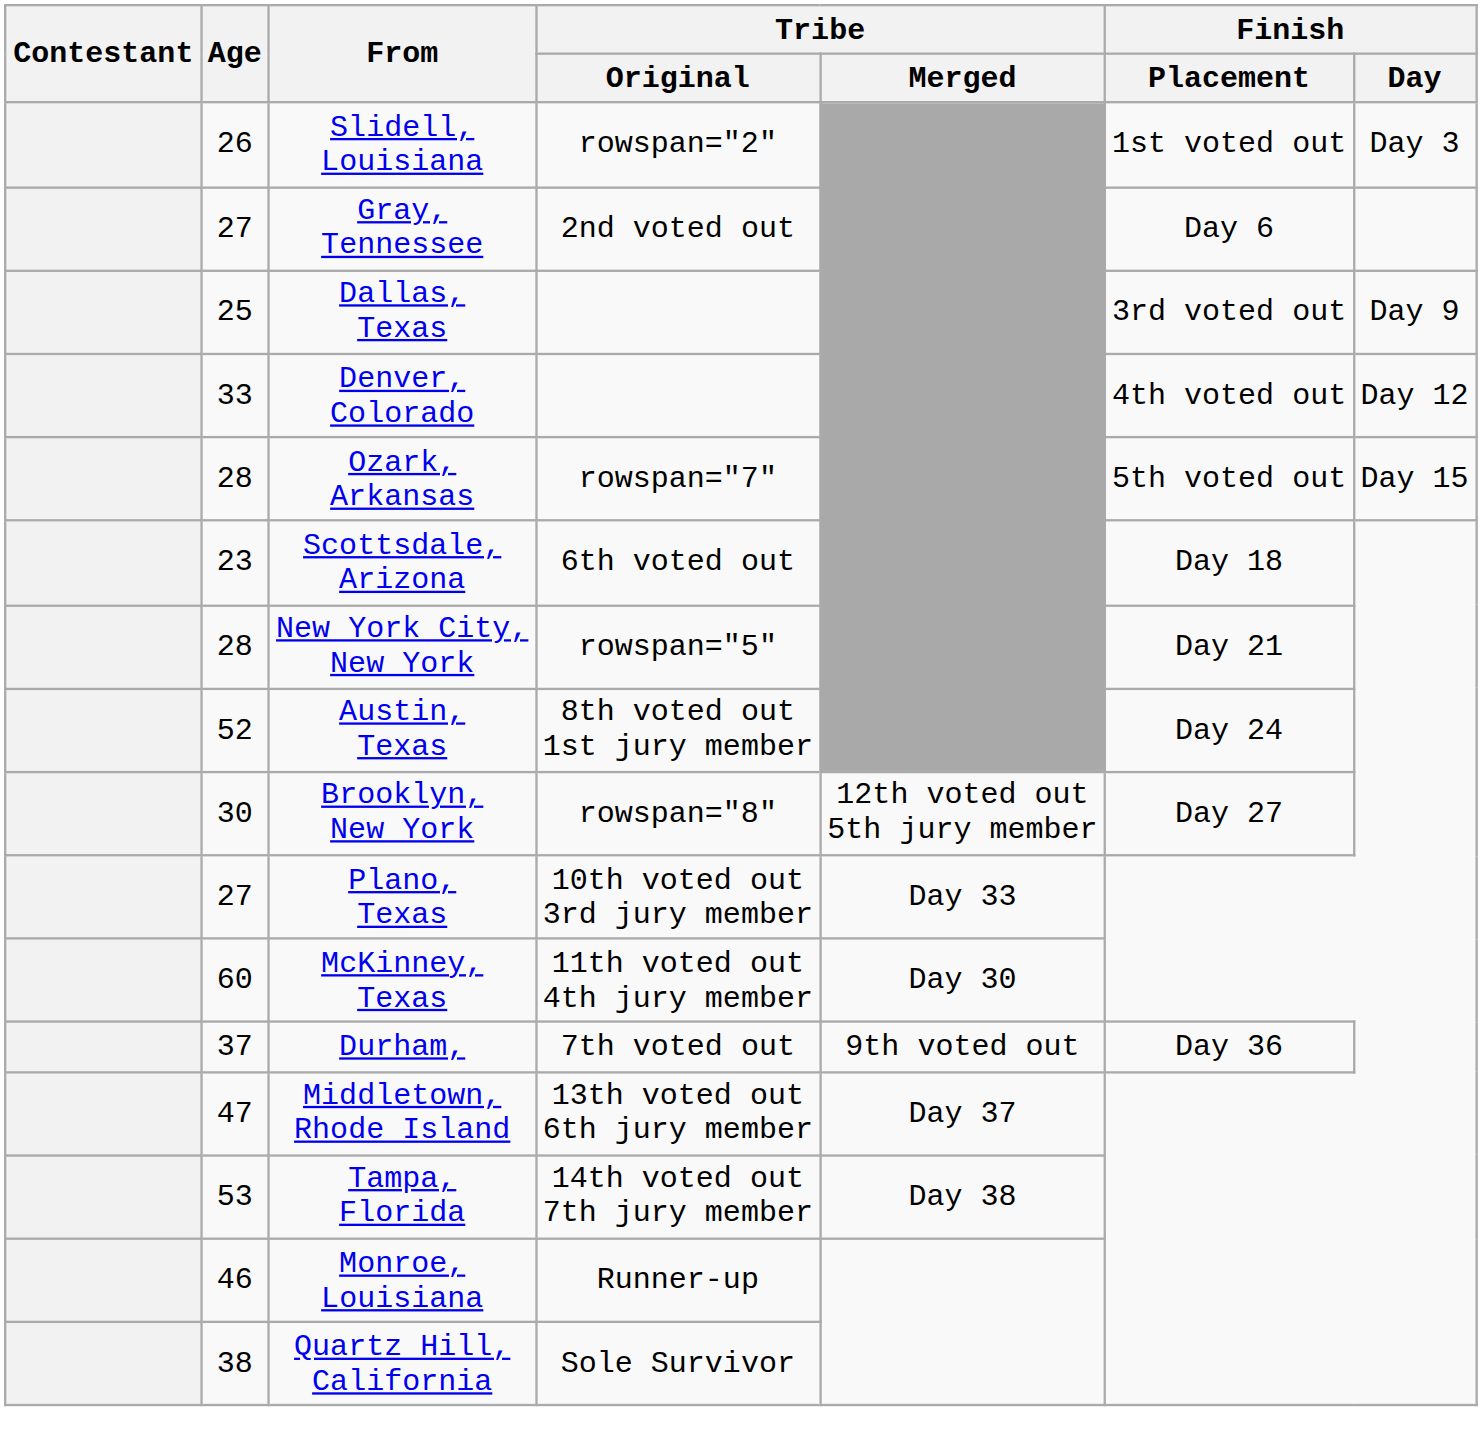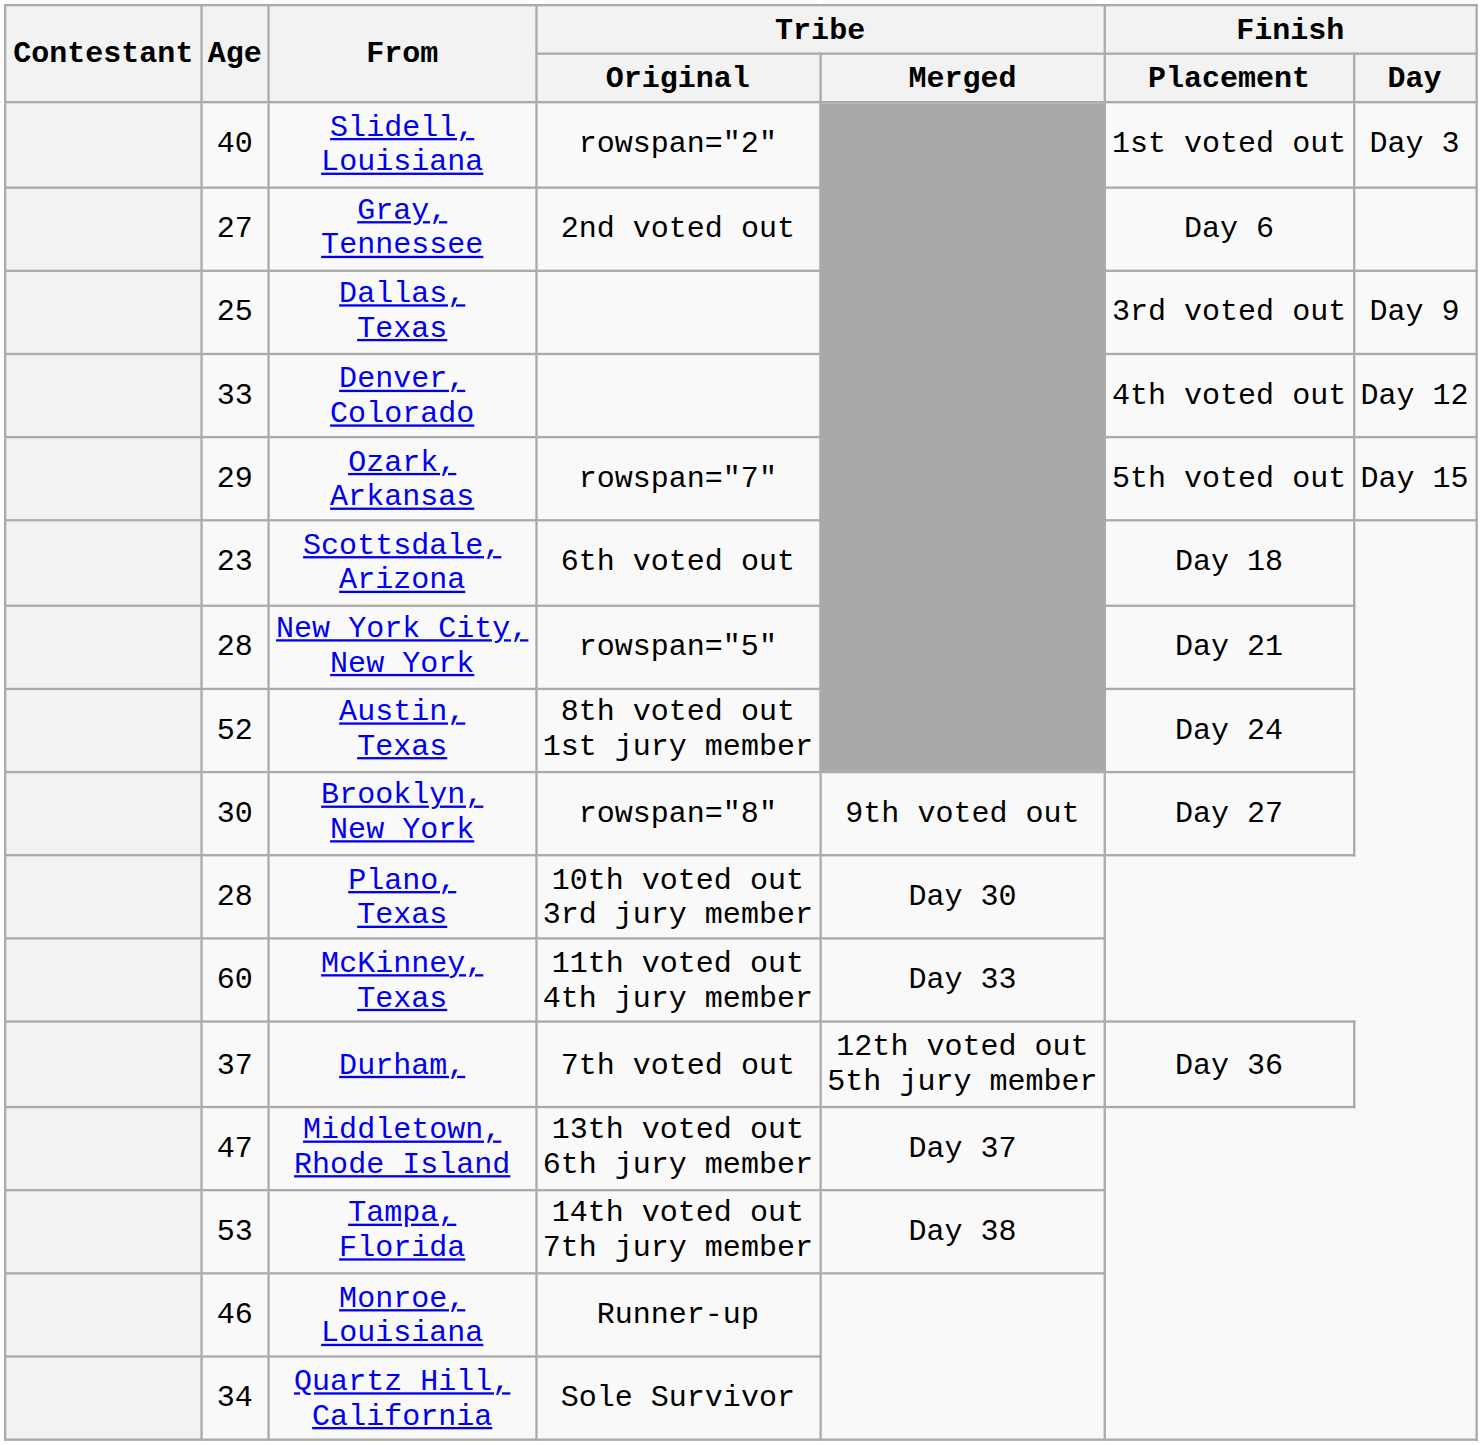 <table class="wikitable sortable" style="margin:auto; text-align:center;">
 <tr>
 <th rowspan="2" scope="col">Contestant</th>
 <th rowspan="2" scope="col">Age</th>
 <th rowspan="2" scope="col" class=unsortable>From</th>
 <th colspan="2" scope="colgroup">Tribe</th>
 <th colspan="2" scope="colgroup">Finish</th>
 </tr>
 <tr>
 <th scope="col">Original</th>
 <th scope="col" class=unsortable>Merged</th>
 <th scope="col" class=unsortable>Placement</th>
 <th scope="col" class=unsortable>Day</th>
 </tr>
 <tr>
 <th scope="row" style="text-align:left;"></th>
-<td>26</td>
+<td>40</td>
 <td><a href='#'>Slidell,<br>Louisiana</a></td>
 <td>rowspan="2" </td>
 <td rowspan="8" style="background-color:darkgrey;"></td>
 <td>1st voted out</td>
 <td>Day 3</td>
 </tr>
 <tr>
 <th scope="row" style="text-align:left;"></th>
 <td>27</td>
 <td><a href='#'>Gray,<br>Tennessee</a></td>
 <td>2nd voted out</td>
 <td>Day 6</td>
 </tr>
 <tr>
 <th scope="row" style="text-align:left;"></th>
 <td>25</td>
 <td><a href='#'>Dallas,<br>Texas</a></td>
 <td></td>
 <td>3rd voted out</td>
 <td>Day 9</td>
 </tr>
 <tr>
 <th scope="row" style="text-align:left;"></th>
 <td>33</td>
 <td><a href='#'>Denver,<br>Colorado</a></td>
 <td></td>
 <td>4th voted out</td>
 <td>Day 12</td>
 </tr>
 <tr>
 <th scope="row" style="text-align:left;"></th>
-<td>28</td>
+<td>29</td>
 <td><a href='#'>Ozark,<br>Arkansas</a></td>
 <td>rowspan="7" </td>
 <td>5th voted out</td>
 <td>Day 15</td>
 </tr>
 <tr>
 <th scope="row" style="text-align:left;"></th>
 <td>23</td>
 <td><a href='#'>Scottsdale,<br>Arizona</a></td>
 <td>6th voted out</td>
 <td>Day 18</td>
 </tr>
 <tr>
 <th scope="row" style="text-align:left;"></th>
 <td>28</td>
 <td><a href='#'>New York City,<br>New York</a></td>
 <td>rowspan="5" </td>
 <td>Day 21</td>
 </tr>
 <tr>
 <th scope="row" style="text-align:left;"></th>
 <td>52</td>
 <td><a href='#'>Austin,<br>Texas</a></td>
 <td>8th voted out<br>1st jury member</td>
 <td>Day 24</td>
 </tr>
 <tr>
 <th scope="row" style="text-align:left;"></th>
 <td>30</td>
 <td><a href='#'>Brooklyn,<br>New York</a></td>
 <td>rowspan="8" </td>
-<td>12th voted out<br>5th jury member</td>
+<td>9th voted out<br></td>
 <td>Day 27</td>
 </tr>
 <tr>
 <th scope="row" style="text-align:left;"></th>
-<td>27</td>
+<td>28</td>
 <td><a href='#'>Plano,<br>Texas</a></td>
 <td>10th voted out<br>3rd jury member</td>
-<td>Day 33</td>
+<td>Day 30</td>
 </tr>
 <tr>
 <th scope="row" style="text-align:left;"></th>
 <td>60</td>
 <td><a href='#'>McKinney,<br>Texas</a></td>
 <td>11th voted out<br>4th jury member</td>
-<td>Day 30</td>
+<td>Day 33</td>
 </tr>
 <tr>
 <th scope="row" style="text-align:left;"></th>
 <td>37</td>
 <td><a href='#'>Durham,<br></a></td>
 <td>7th voted out</td>
-<td>9th voted out<br></td>
+<td>12th voted out<br>5th jury member</td>
 <td>Day 36</td>
 </tr>
 <tr>
 <th scope="row" style="text-align:left;"></th>
 <td>47</td>
 <td><a href='#'>Middletown,<br>Rhode Island</a></td>
 <td>13th voted out<br>6th jury member</td>
 <td>Day 37</td>
 </tr>
 <tr>
 <th scope="row" style="text-align:left;"></th>
 <td>53</td>
 <td><a href='#'>Tampa,<br>Florida</a></td>
 <td>14th voted out<br>7th jury member</td>
 <td>Day 38</td>
 </tr>
 <tr>
 <th scope="row" style="text-align:left;"></th>
 <td>46</td>
 <td><a href='#'>Monroe,<br>Louisiana</a></td>
 <td>Runner-up</td>
 <td rowspan="2"></td>
 </tr>
 <tr>
 <th scope="row" style="text-align:left;"></th>
-<td>38</td>
+<td>34</td>
 <td><a href='#'>Quartz Hill,<br>California</a></td>
 <td>Sole Survivor</td>
 </tr>
 </table>
